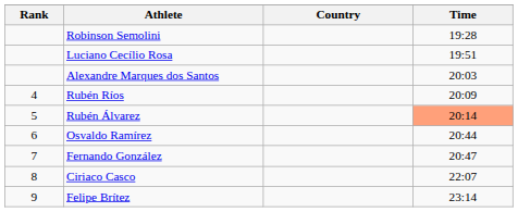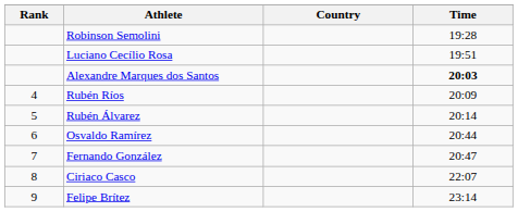 <table class="wikitable sortable" style=" text-align:center; font-size:95%;" width="50%">
 <tr>
 </tr>
 <tr>
 <th width=5%>Rank</th>
 <th width=20%>Athlete</th>
 <th width=15%>Country</th>
 <th width=10%>Time</th>
 </tr>
 <tr>
 <td align=center></td>
 <td align=left><a href='#'>Robinson Semolini</a></td>
 <td align=left></td>
 <td>19:28</td>
 </tr>
 <tr>
 <td align=center></td>
 <td align=left><a href='#'>Luciano Cecílio Rosa</a></td>
 <td align=left></td>
 <td>19:51</td>
 </tr>
 <tr>
 <td align=center></td>
 <td align=left><a href='#'>Alexandre Marques dos Santos</a></td>
 <td align=left></td>
-<td>20:03</td>
+<td><strong>20:03</strong></td>
 </tr>
 <tr>
 <td align=center>4</td>
 <td align=left><a href='#'>Rubén Ríos</a></td>
 <td align=left></td>
 <td>20:09</td>
 </tr>
 <tr>
 <td align=center>5</td>
 <td align=left><a href='#'>Rubén Álvarez</a></td>
 <td align=left></td>
-<td style="background: lightsalmon;">20:14</td>
+<td>20:14</td>
 </tr>
 <tr>
 <td align=center>6</td>
 <td align=left><a href='#'>Osvaldo Ramírez</a></td>
 <td align=left></td>
 <td>20:44</td>
 </tr>
 <tr>
 <td align=center>7</td>
 <td align=left><a href='#'>Fernando González</a></td>
 <td align=left></td>
 <td>20:47</td>
 </tr>
 <tr>
 <td align=center>8</td>
 <td align=left><a href='#'>Ciriaco Casco</a></td>
 <td align=left></td>
 <td>22:07</td>
 </tr>
 <tr>
 <td align=center>9</td>
 <td align=left><a href='#'>Felipe Brítez</a></td>
 <td align=left></td>
 <td>23:14</td>
 </tr>
 </table>
